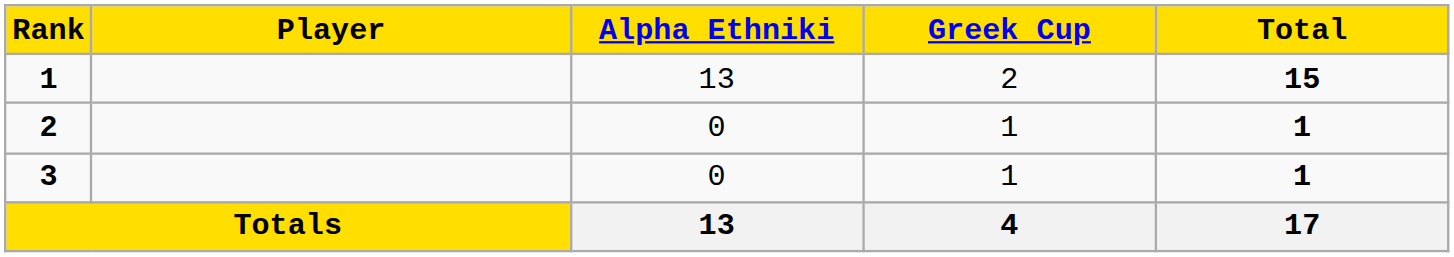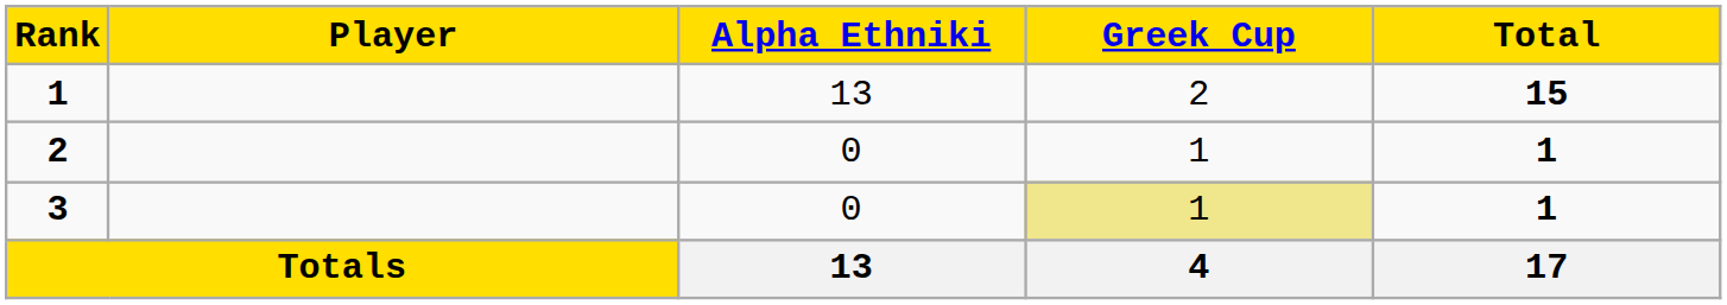 <table class="wikitable sortable" style="text-align:center">
 <tr>
 <th style="background:#FFDE00">Rank</th>
 <th width=200 style="background:#FFDE00">Player</th>
 <th width=120 style="background:#FFDE00"><a href='#'>Alpha Ethniki</a></th>
 <th width=120 style="background:#FFDE00"><a href='#'>Greek Cup</a></th>
 <th width=120 style="background:#FFDE00">Total</th>
 </tr>
 <tr>
 <td><strong>1</strong></td>
 <td align=left></td>
 <td>13</td>
 <td>2</td>
 <td><strong>15</strong></td>
 </tr>
 <tr>
 <td><strong>2</strong></td>
 <td align=left></td>
 <td>0</td>
 <td>1</td>
 <td><strong>1</strong></td>
 </tr>
 <tr>
 <td><strong>3</strong></td>
 <td align=left></td>
 <td>0</td>
-<td>1</td>
+<td style="background: khaki;">1</td>
 <td><strong>1</strong></td>
 </tr>
 <tr class="sortbottom">
 <th colspan=2 style="background:#FFDE00"><strong>Totals</strong></th>
 <th><strong>13</strong></th>
 <th><strong> 4</strong></th>
 <th><strong>17</strong></th>
 </tr>
 </table>
